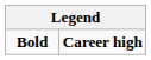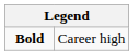 <table class="wikitable" style="text-align:center;">
 <tr>
 <th colspan="2">Legend</th>
 </tr>
 <tr>
 <td style="width:3em;"><strong>Bold</strong></td>
-<td><strong>Career high</strong></td>
+<td>Career high</td>
 </tr>
 </table>
